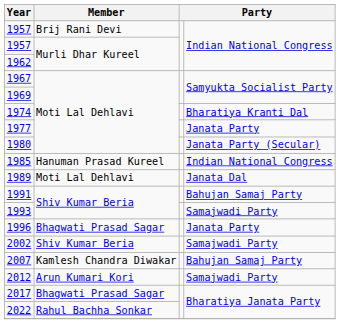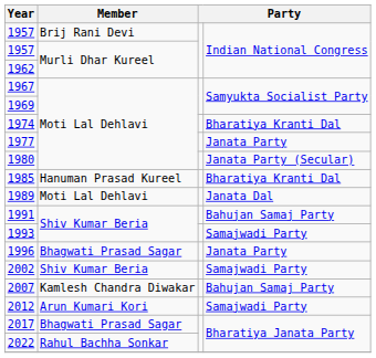 <table class="wikitable">
 <tr>
 <th>Year</th>
 <th>Member</th>
 <th colspan="2">Party</th>
 </tr>
 <tr>
 <td><a href='#'>1957</a></td>
 <td>Brij Rani Devi</td>
 <td rowspan="3" style="background-color: "></td>
 <td rowspan="3"><a href='#'>Indian National Congress</a></td>
 </tr>
 <tr>
 <td><a href='#'>1957</a></td>
 <td rowspan=2>Murli Dhar Kureel</td>
 </tr>
 <tr>
 <td><a href='#'>1962</a></td>
 </tr>
 <tr>
 <td><a href='#'>1967</a></td>
 <td rowspan=5>Moti Lal Dehlavi</td>
 <td rowspan="2" style="background-color: "></td>
 <td rowspan="2"><a href='#'>Samyukta Socialist Party</a></td>
 </tr>
 <tr>
 <td><a href='#'>1969</a></td>
 </tr>
 <tr>
 <td><a href='#'>1974</a></td>
 <td style="background-color: "></td>
 <td><a href='#'>Bharatiya Kranti Dal</a></td>
 </tr>
 <tr>
 <td><a href='#'>1977</a></td>
 <td style="background-color: "></td>
 <td><a href='#'>Janata Party</a></td>
 </tr>
 <tr>
 <td><a href='#'>1980</a></td>
 <td style="background-color: "></td>
 <td><a href='#'>Janata Party (Secular)</a></td>
 </tr>
 <tr>
 <td><a href='#'>1985</a></td>
 <td>Hanuman Prasad Kureel</td>
 <td style="background-color: "></td>
-<td><a href='#'>Indian National Congress</a></td>
+<td><a href='#'>Bharatiya Kranti Dal</a></td>
 </tr>
 <tr>
 <td><a href='#'>1989</a></td>
 <td>Moti Lal Dehlavi</td>
 <td style="background-color: "></td>
 <td><a href='#'>Janata Dal</a></td>
 </tr>
 <tr>
 <td><a href='#'>1991</a></td>
 <td rowspan=2><a href='#'>Shiv Kumar Beria</a></td>
 <td style="background-color: "></td>
 <td><a href='#'>Bahujan Samaj Party</a></td>
 </tr>
 <tr>
 <td><a href='#'>1993</a></td>
 <td style="background-color: "></td>
 <td><a href='#'>Samajwadi Party</a></td>
 </tr>
 <tr>
 <td><a href='#'>1996</a></td>
 <td><a href='#'>Bhagwati Prasad Sagar</a></td>
 <td style="background-color: "></td>
 <td><a href='#'>Janata Party</a></td>
 </tr>
 <tr>
 <td><a href='#'>2002</a></td>
 <td><a href='#'>Shiv Kumar Beria</a></td>
 <td style="background-color: "></td>
 <td><a href='#'>Samajwadi Party</a></td>
 </tr>
 <tr>
 <td><a href='#'>2007</a></td>
 <td>Kamlesh Chandra Diwakar</td>
 <td style="background-color: "></td>
 <td><a href='#'>Bahujan Samaj Party</a></td>
 </tr>
 <tr>
 <td><a href='#'>2012</a></td>
 <td><a href='#'>Arun Kumari Kori</a></td>
 <td style="background-color: "></td>
 <td><a href='#'>Samajwadi Party</a></td>
 </tr>
 <tr>
 <td><a href='#'>2017</a></td>
 <td><a href='#'>Bhagwati Prasad Sagar</a></td>
 <td rowspan="2" style="background-color: "></td>
 <td rowspan="2"><a href='#'>Bharatiya Janata Party</a></td>
 </tr>
 <tr>
 <td><a href='#'>2022</a></td>
 <td><a href='#'>Rahul Bachha Sonkar</a></td>
 </tr>
 <tr>
 </tr>
 </table>
